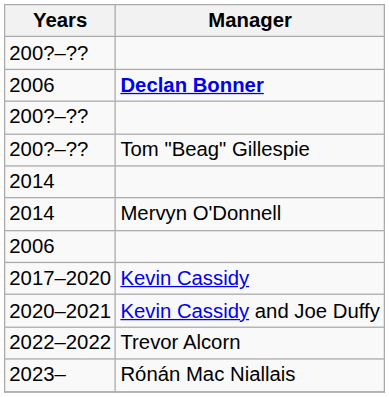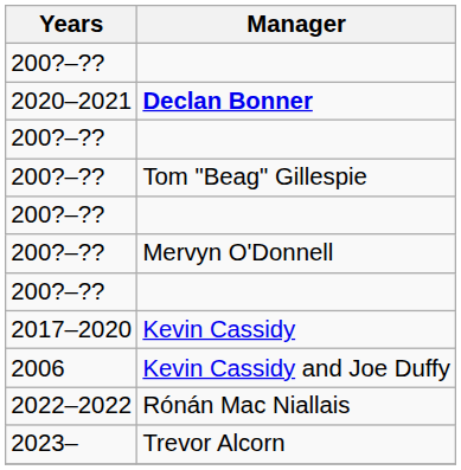 <table class="wikitable">
 <tr>
 <th>Years</th>
 <th>Manager</th>
 </tr>
 <tr>
 <td>200?–??</td>
 <td></td>
 </tr>
 <tr>
-<td> 2006</td>
+<td>2020–2021</td>
 <td><strong><a href='#'>Declan Bonner</a></strong></td>
 </tr>
 <tr>
 <td>200?–??</td>
 <td></td>
 </tr>
 <tr>
 <td>200?–??</td>
 <td>Tom "Beag" Gillespie</td>
 </tr>
 <tr>
-<td> 2014</td>
+<td>200?–??</td>
 <td></td>
 </tr>
 <tr>
-<td> 2014</td>
+<td>200?–??</td>
 <td>Mervyn O'Donnell</td>
 </tr>
 <tr>
-<td> 2006</td>
+<td>200?–??</td>
 <td></td>
 </tr>
 <tr>
 <td>2017–2020</td>
 <td><a href='#'>Kevin Cassidy</a></td>
 </tr>
 <tr>
-<td>2020–2021</td>
+<td> 2006</td>
 <td><a href='#'>Kevin Cassidy</a> and Joe Duffy</td>
 </tr>
 <tr>
 <td>2022–2022</td>
-<td>Trevor Alcorn</td>
+<td>Rónán Mac Niallais</td>
 </tr>
 <tr>
 <td>2023–</td>
-<td>Rónán Mac Niallais</td>
+<td>Trevor Alcorn</td>
 </tr>
 <tr>
 </tr>
 </table>
